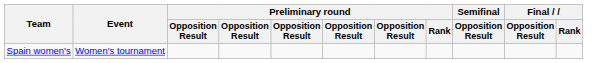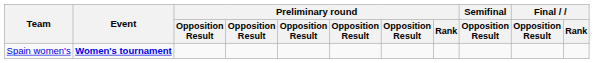 <table class=wikitable style=font-size:90%>
 <tr>
 <th rowspan=2>Team</th>
 <th rowspan=2>Event</th>
 <th colspan=6>Preliminary round</th>
 <th>Semifinal</th>
 <th colspan=2>Final /  / </th>
 </tr>
 <tr style=font-size:95%>
 <th>Opposition<br>Result</th>
 <th>Opposition<br>Result</th>
 <th>Opposition<br>Result</th>
 <th>Opposition<br>Result</th>
 <th>Opposition<br>Result</th>
 <th>Rank</th>
 <th>Opposition<br>Result</th>
 <th>Opposition<br>Result</th>
 <th>Rank</th>
 </tr>
 <tr align=center>
 <td align=left><a href='#'>Spain women's</a></td>
-<td align=left><a href='#'>Women's tournament</a></td>
+<td align=left><strong><a href='#'>Women's tournament</a></strong></td>
 <td></td>
 <td></td>
 <td></td>
 <td></td>
 <td></td>
 <td></td>
 <td></td>
 <td></td>
 <td></td>
 </tr>
 </table>
